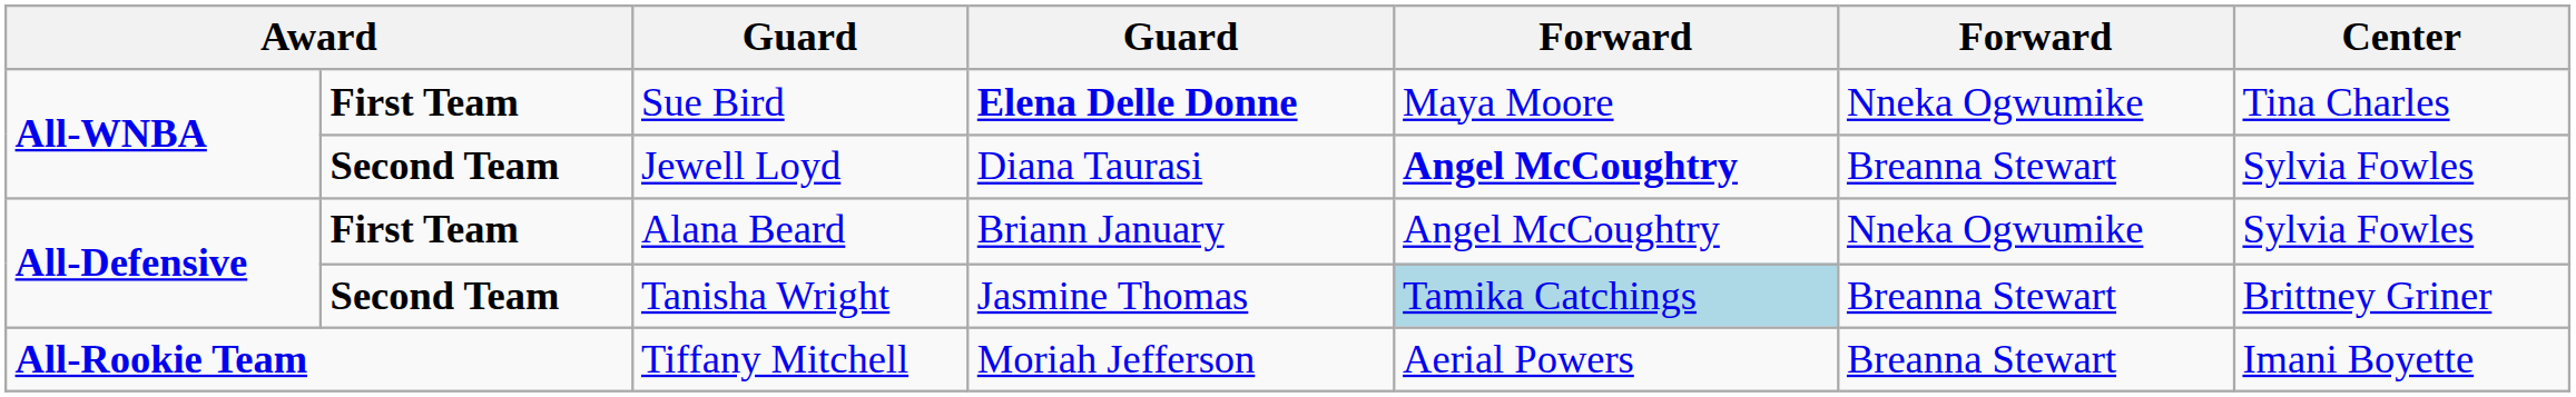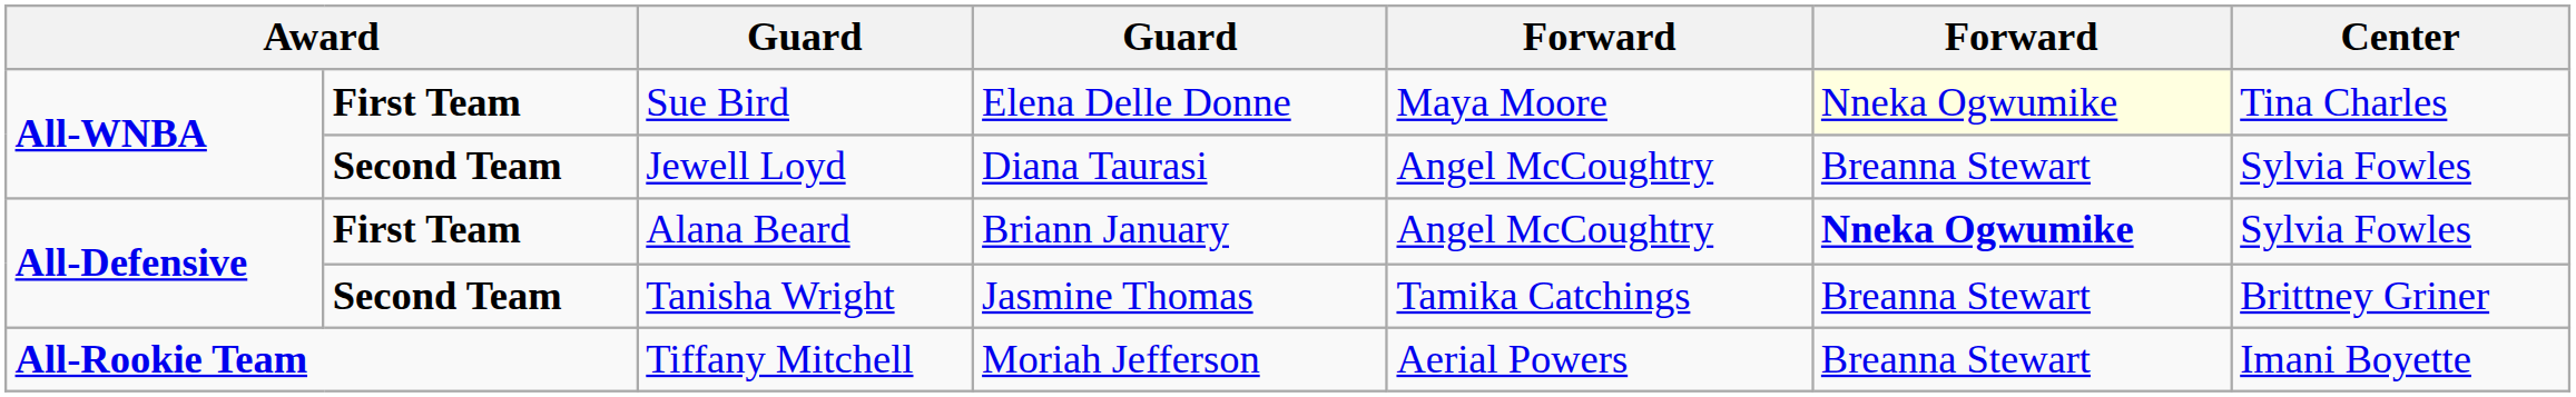 <table class="wikitable" style="width: 80%">
 <tr>
 <th colspan="2">Award</th>
 <th width="125">Guard</th>
 <th>Guard</th>
 <th>Forward</th>
 <th>Forward</th>
 <th>Center</th>
 </tr>
 <tr>
 <td rowspan="2"><strong><a href='#'>All-WNBA</a></strong></td>
 <td><strong>First Team</strong></td>
 <td><a href='#'>Sue Bird</a></td>
-<td><strong><a href='#'>Elena Delle Donne</a></strong></td>
+<td><a href='#'>Elena Delle Donne</a></td>
 <td><a href='#'>Maya Moore</a></td>
-<td><a href='#'>Nneka Ogwumike</a></td>
+<td style="background: lightyellow;"><a href='#'>Nneka Ogwumike</a></td>
 <td><a href='#'>Tina Charles</a></td>
 </tr>
 <tr>
 <td><strong>Second Team</strong></td>
 <td><a href='#'>Jewell Loyd</a></td>
 <td><a href='#'>Diana Taurasi</a></td>
-<td><strong><a href='#'>Angel McCoughtry</a></strong></td>
+<td><a href='#'>Angel McCoughtry</a></td>
 <td><a href='#'>Breanna Stewart</a></td>
 <td><a href='#'>Sylvia Fowles</a></td>
 </tr>
 <tr>
 <td rowspan="2"><strong><a href='#'>All-Defensive</a></strong></td>
 <td><strong>First Team</strong></td>
 <td><a href='#'>Alana Beard</a></td>
 <td><a href='#'>Briann January</a></td>
 <td><a href='#'>Angel McCoughtry</a></td>
-<td><a href='#'>Nneka Ogwumike</a></td>
+<td><strong><a href='#'>Nneka Ogwumike</a></strong></td>
 <td><a href='#'>Sylvia Fowles</a></td>
 </tr>
 <tr>
 <td><strong>Second Team</strong></td>
 <td><a href='#'>Tanisha Wright</a></td>
 <td><a href='#'>Jasmine Thomas</a></td>
-<td style="background: lightblue;"><a href='#'>Tamika Catchings</a></td>
+<td><a href='#'>Tamika Catchings</a></td>
 <td><a href='#'>Breanna Stewart</a></td>
 <td><a href='#'>Brittney Griner</a></td>
 </tr>
 <tr>
 <td colspan="2"><strong><a href='#'>All-Rookie Team</a></strong></td>
 <td><a href='#'>Tiffany Mitchell</a></td>
 <td><a href='#'>Moriah Jefferson</a></td>
 <td><a href='#'>Aerial Powers</a></td>
 <td><a href='#'>Breanna Stewart</a></td>
 <td><a href='#'>Imani Boyette</a></td>
 </tr>
 </table>
